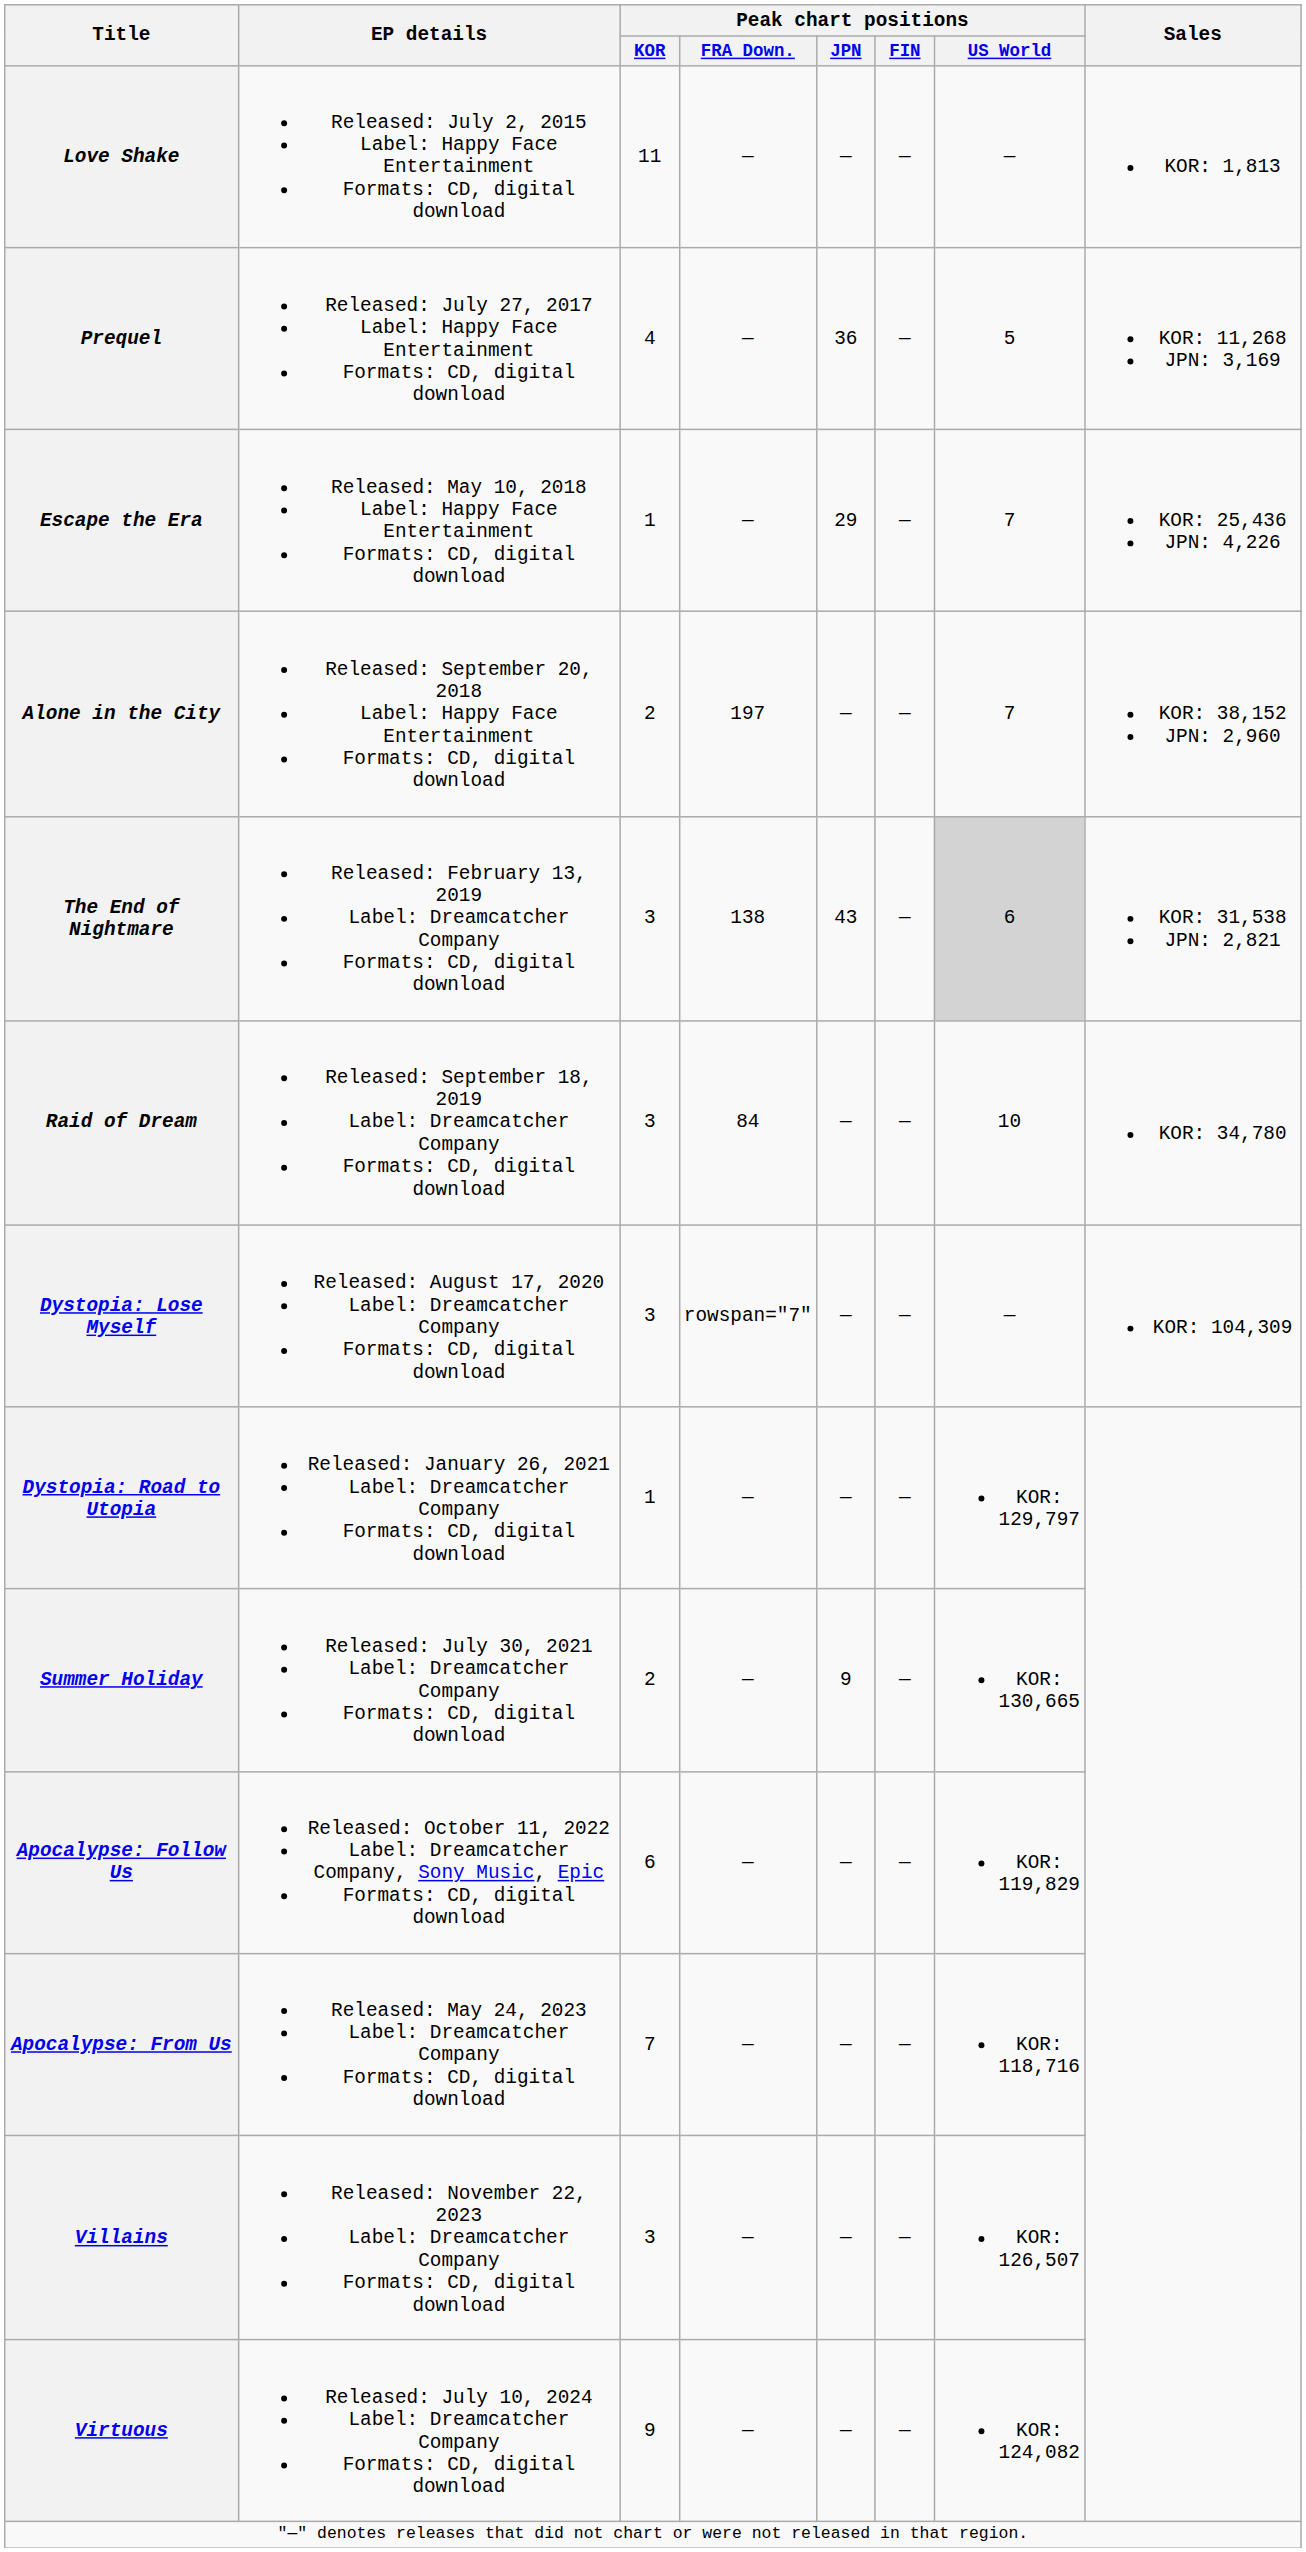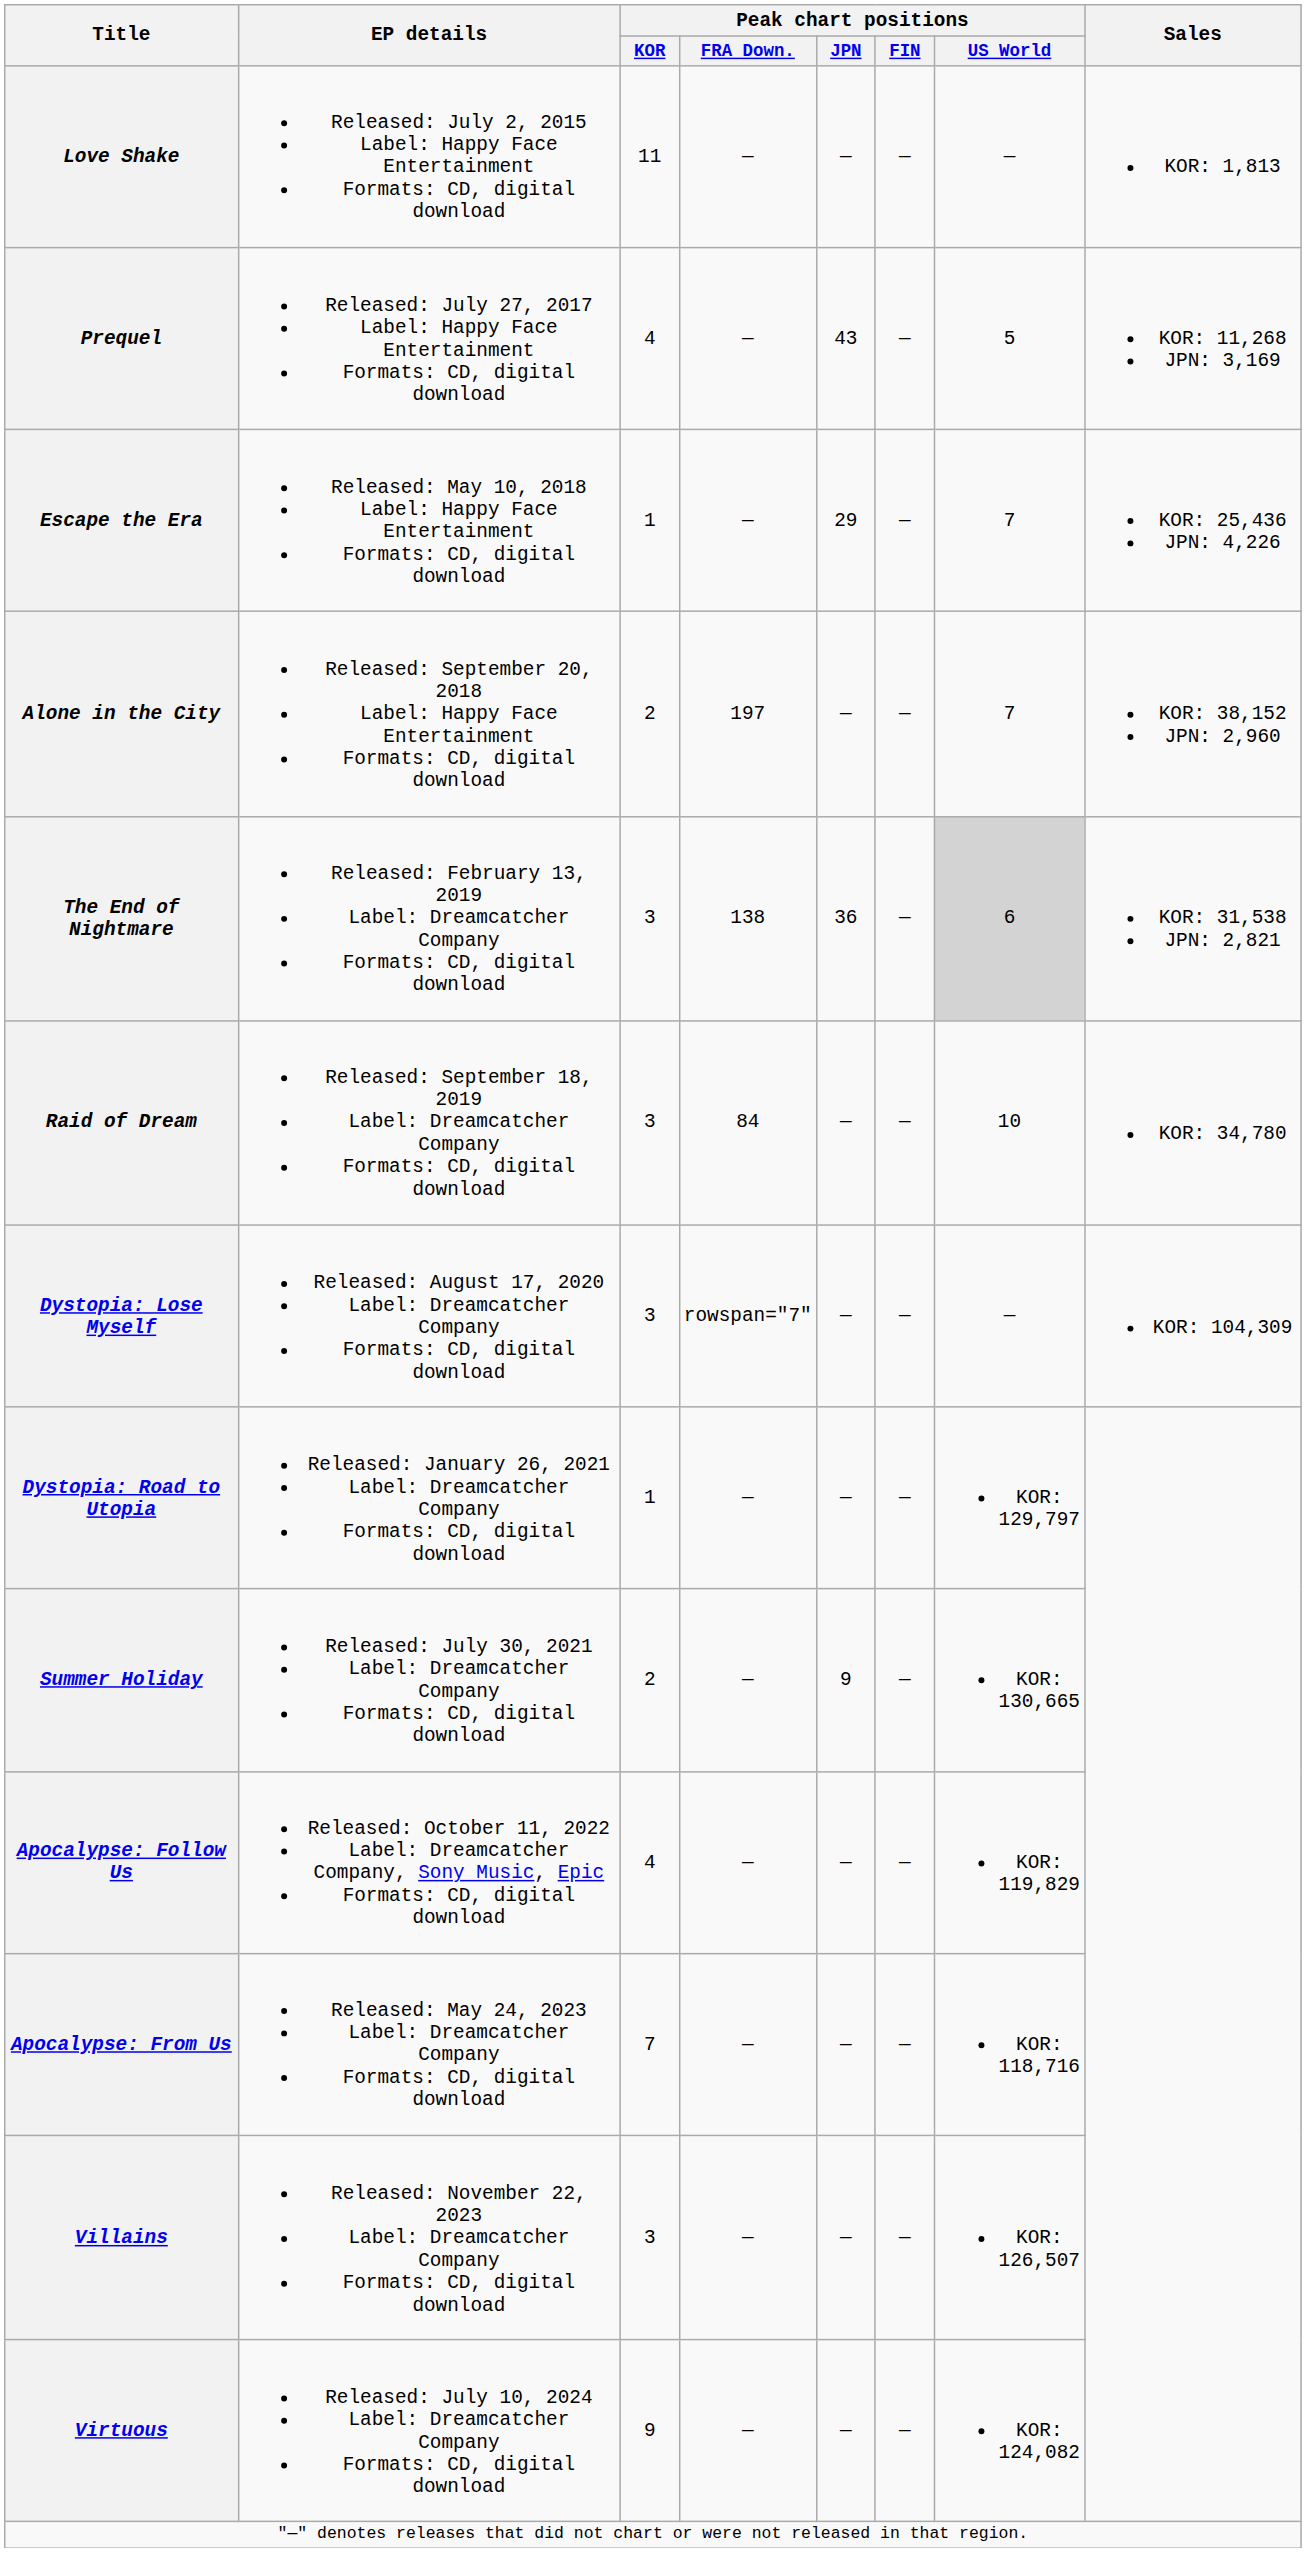 <table class="wikitable plainrowheaders" style="text-align:center">
 <tr>
 <th scope="col" rowspan="2" style="width:12em">Title</th>
 <th scope="col" rowspan="2" style="width:20em">EP details</th>
 <th scope="col" colspan="5">Peak chart positions</th>
 <th scope="col" rowspan="2" style="width:11em">Sales</th>
 </tr>
 <tr>
 <th scope="col" style="width:3em;font-size:90%"><a href='#'>KOR</a><br></th>
 <th scope="col" style="width:3em;font-size:90%"><a href='#'>FRA Down.</a><br></th>
 <th scope="col" style="width:3em;font-size:90%"><a href='#'>JPN</a><br></th>
 <th scope="col" style="width:3em;font-size:90%"><a href='#'>FIN</a><br></th>
 <th scope="col" style="width:3em;font-size:90%"><a href='#'>US World</a><br></th>
 </tr>
 <tr>
 <th scope="row"><em>Love Shake</em><br></th>
 <td><br><ul><li>Released: July 2, 2015</li><li>Label: Happy Face Entertainment</li><li>Formats: CD, digital download</li></ul></td>
 <td>11</td>
 <td>—</td>
 <td>—</td>
 <td>—</td>
 <td>—</td>
 <td><br><ul><li>KOR: 1,813</li></ul></td>
 </tr>
 <tr>
 <th scope="row"><em>Prequel</em></th>
 <td><br><ul><li>Released: July 27, 2017</li><li>Label: Happy Face Entertainment</li><li>Formats: CD, digital download</li></ul></td>
 <td>4</td>
 <td>—</td>
-<td>36</td>
+<td>43</td>
 <td>—</td>
 <td>5</td>
 <td><br><ul><li>KOR: 11,268</li><li>JPN: 3,169</li></ul></td>
 </tr>
 <tr>
 <th scope="row"><em>Escape the Era</em></th>
 <td><br><ul><li>Released: May 10, 2018</li><li>Label: Happy Face Entertainment</li><li>Formats: CD, digital download</li></ul></td>
 <td>1</td>
 <td>—</td>
 <td>29</td>
 <td>—</td>
 <td>7</td>
 <td><br><ul><li>KOR: 25,436</li><li>JPN: 4,226</li></ul></td>
 </tr>
 <tr>
 <th scope="row"><em>Alone in the City</em></th>
 <td><br><ul><li>Released: September 20, 2018</li><li>Label: Happy Face Entertainment</li><li>Formats: CD, digital download</li></ul></td>
 <td>2</td>
 <td>197</td>
 <td>—</td>
 <td>—</td>
 <td>7</td>
 <td><br><ul><li>KOR: 38,152</li><li>JPN: 2,960</li></ul></td>
 </tr>
 <tr>
 <th scope="row"><em>The End of Nightmare</em></th>
 <td><br><ul><li>Released: February 13, 2019</li><li>Label: Dreamcatcher Company</li><li>Formats: CD, digital download</li></ul></td>
 <td>3</td>
 <td>138</td>
-<td>43</td>
+<td>36</td>
 <td>—</td>
 <td style="background: lightgrey;">6</td>
 <td><br><ul><li>KOR: 31,538</li><li>JPN: 2,821</li></ul></td>
 </tr>
 <tr>
 <th scope="row"><em>Raid of Dream</em></th>
 <td><br><ul><li>Released: September 18, 2019</li><li>Label: Dreamcatcher Company</li><li>Formats: CD, digital download</li></ul></td>
 <td>3</td>
 <td>84</td>
 <td>—</td>
 <td>—</td>
 <td>10</td>
 <td><br><ul><li>KOR: 34,780</li></ul></td>
 </tr>
 <tr>
 <th scope="row"><em><a href='#'>Dystopia: Lose Myself</a></em></th>
 <td><br><ul><li>Released: August 17, 2020</li><li>Label: Dreamcatcher Company</li><li>Formats: CD, digital download</li></ul></td>
 <td>3</td>
 <td>rowspan="7" </td>
 <td>—</td>
 <td>—</td>
 <td>—</td>
 <td><br><ul><li>KOR: 104,309</li></ul></td>
 </tr>
 <tr>
 <th scope="row"><em><a href='#'>Dystopia: Road to Utopia</a></em></th>
 <td><br><ul><li>Released: January 26, 2021</li><li>Label: Dreamcatcher Company</li><li>Formats: CD, digital download</li></ul></td>
 <td>1</td>
 <td>—</td>
 <td>—</td>
 <td>—</td>
 <td><br><ul><li>KOR: 129,797</li></ul></td>
 </tr>
 <tr>
 <th scope="row"><em><a href='#'>Summer Holiday</a></em></th>
 <td><br><ul><li>Released: July 30, 2021</li><li>Label: Dreamcatcher Company</li><li>Formats: CD, digital download</li></ul></td>
 <td>2</td>
 <td>—</td>
 <td>9</td>
 <td>—</td>
 <td><br><ul><li>KOR: 130,665</li></ul></td>
 </tr>
 <tr>
 <th scope="row"><em><a href='#'>Apocalypse: Follow Us</a></em></th>
 <td><br><ul><li>Released: October 11, 2022</li><li>Label: Dreamcatcher Company, <a href='#'>Sony Music</a>, <a href='#'>Epic</a></li><li>Formats: CD, digital download</li></ul></td>
-<td>6</td>
+<td>4</td>
 <td>—</td>
 <td>—</td>
 <td>—</td>
 <td><br><ul><li>KOR: 119,829</li></ul></td>
 </tr>
 <tr>
 <th scope="row"><em><a href='#'>Apocalypse: From Us</a></em></th>
 <td><br><ul><li>Released: May 24, 2023</li><li>Label: Dreamcatcher Company</li><li>Formats: CD, digital download</li></ul></td>
 <td>7</td>
 <td>—</td>
 <td>—</td>
 <td>—</td>
 <td><br><ul><li>KOR: 118,716</li></ul></td>
 </tr>
 <tr>
 <th scope="row"><em><a href='#'>Villains</a></em></th>
 <td><br><ul><li>Released: November 22, 2023</li><li>Label: Dreamcatcher Company</li><li>Formats: CD, digital download</li></ul></td>
 <td>3</td>
 <td>—</td>
 <td>—</td>
 <td>—</td>
 <td><br><ul><li>KOR: 126,507</li></ul></td>
 </tr>
 <tr>
 <th scope="row"><em><a href='#'>Virtuous</a></em></th>
 <td><br><ul><li>Released: July 10, 2024</li><li>Label: Dreamcatcher Company</li><li>Formats: CD, digital download</li></ul></td>
 <td>9</td>
 <td>—</td>
 <td>—</td>
 <td>—</td>
 <td><br><ul><li>KOR: 124,082</li></ul></td>
 </tr>
 <tr>
 <td colspan="8" style="font-size:85%">"—" denotes releases that did not chart or were not released in that region.</td>
 </tr>
 </table>
